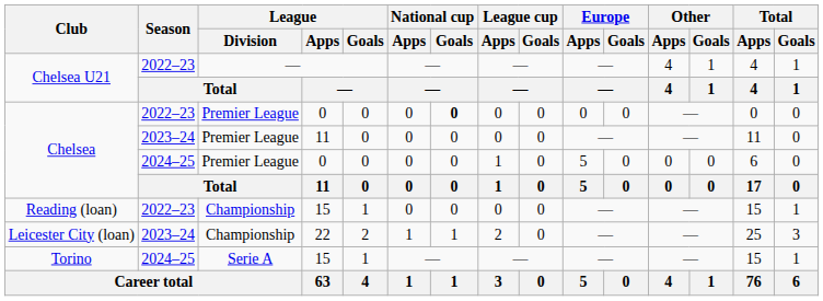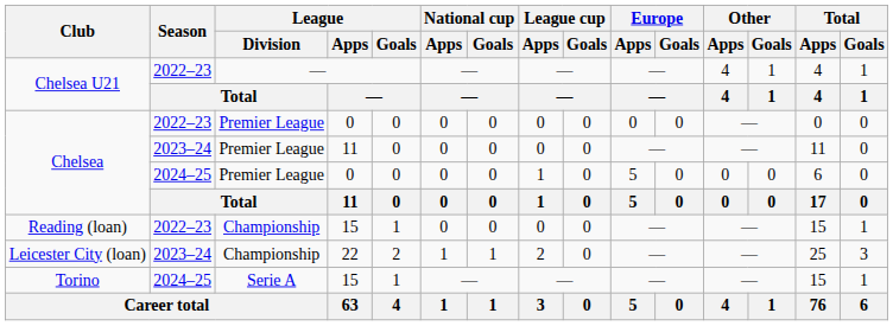 <table class="wikitable" style="text-align: center">
 <tr>
 <th rowspan="2">Club</th>
 <th rowspan="2">Season</th>
 <th colspan="3">League</th>
 <th colspan="2">National cup</th>
 <th colspan="2">League cup</th>
 <th colspan="2"><a href='#'>Europe</a></th>
 <th colspan="2">Other</th>
 <th colspan="2">Total</th>
 </tr>
 <tr>
 <th>Division</th>
 <th>Apps</th>
 <th>Goals</th>
 <th>Apps</th>
 <th>Goals</th>
 <th>Apps</th>
 <th>Goals</th>
 <th>Apps</th>
 <th>Goals</th>
 <th>Apps</th>
 <th>Goals</th>
 <th>Apps</th>
 <th>Goals</th>
 </tr>
 <tr>
 <td rowspan="2"><a href='#'>Chelsea U21</a></td>
 <td><a href='#'>2022–23</a></td>
 <td colspan="3">—</td>
 <td colspan="2">—</td>
 <td colspan="2">—</td>
 <td colspan="2">—</td>
 <td>4</td>
 <td>1</td>
 <td>4</td>
 <td>1</td>
 </tr>
 <tr>
 <th colspan="2">Total</th>
 <th colspan="2">—</th>
 <th colspan="2">—</th>
 <th colspan="2">—</th>
 <th colspan="2">—</th>
 <th>4</th>
 <th>1</th>
 <th>4</th>
 <th>1</th>
 </tr>
 <tr>
 <td rowspan="4"><a href='#'>Chelsea</a></td>
 <td><a href='#'>2022–23</a></td>
 <td><a href='#'>Premier League</a></td>
 <td>0</td>
 <td>0</td>
 <td>0</td>
-<td><strong>0</strong></td>
+<td>0</td>
 <td>0</td>
 <td>0</td>
 <td>0</td>
 <td>0</td>
 <td colspan="2">—</td>
 <td>0</td>
 <td>0</td>
 </tr>
 <tr>
 <td><a href='#'>2023–24</a></td>
 <td>Premier League</td>
 <td>11</td>
 <td>0</td>
 <td>0</td>
 <td>0</td>
 <td>0</td>
 <td>0</td>
 <td colspan="2">—</td>
 <td colspan="2">—</td>
 <td>11</td>
 <td>0</td>
 </tr>
 <tr>
 <td><a href='#'>2024–25</a></td>
 <td>Premier League</td>
 <td>0</td>
 <td>0</td>
 <td>0</td>
 <td>0</td>
 <td>1</td>
 <td>0</td>
 <td>5</td>
 <td>0</td>
 <td>0</td>
 <td>0</td>
 <td>6</td>
 <td>0</td>
 </tr>
 <tr>
 <th colspan="2">Total</th>
 <th>11</th>
 <th>0</th>
 <th>0</th>
 <th>0</th>
 <th>1</th>
 <th>0</th>
 <th>5</th>
 <th>0</th>
 <th>0</th>
 <th>0</th>
 <th>17</th>
 <th>0</th>
 </tr>
 <tr>
 <td><a href='#'>Reading</a> (loan)</td>
 <td><a href='#'>2022–23</a></td>
 <td><a href='#'>Championship</a></td>
 <td>15</td>
 <td>1</td>
 <td>0</td>
 <td>0</td>
 <td>0</td>
 <td>0</td>
 <td colspan="2">—</td>
 <td colspan="2">—</td>
 <td>15</td>
 <td>1</td>
 </tr>
 <tr>
 <td><a href='#'>Leicester City</a> (loan)</td>
 <td><a href='#'>2023–24</a></td>
 <td>Championship</td>
 <td>22</td>
 <td>2</td>
 <td>1</td>
 <td>1</td>
 <td>2</td>
 <td>0</td>
 <td colspan="2">—</td>
 <td colspan="2">—</td>
 <td>25</td>
 <td>3</td>
 </tr>
 <tr>
 <td><a href='#'>Torino</a></td>
 <td><a href='#'>2024–25</a></td>
 <td><a href='#'>Serie A</a></td>
 <td>15</td>
 <td>1</td>
 <td colspan="2">—</td>
 <td colspan="2">—</td>
 <td colspan="2">—</td>
 <td colspan="2">—</td>
 <td>15</td>
 <td>1</td>
 </tr>
 <tr>
 <th colspan="3">Career total</th>
 <th>63</th>
 <th>4</th>
 <th>1</th>
 <th>1</th>
 <th>3</th>
 <th>0</th>
 <th>5</th>
 <th>0</th>
 <th>4</th>
 <th>1</th>
 <th>76</th>
 <th>6</th>
 </tr>
 </table>
